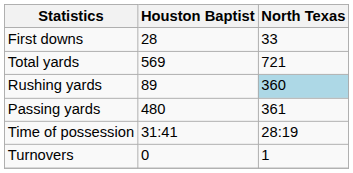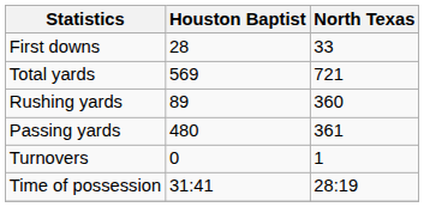 <table class="wikitable">
 <tr>
 <th>Statistics</th>
 <th>Houston Baptist</th>
 <th>North Texas</th>
 </tr>
 <tr>
 <td>First downs</td>
 <td>28</td>
 <td>33</td>
 </tr>
 <tr>
 <td>Total yards</td>
 <td>569</td>
 <td>721</td>
 </tr>
 <tr>
 <td>Rushing yards</td>
 <td>89</td>
-<td style="background: lightblue;">360</td>
+<td>360</td>
 </tr>
 <tr>
 <td>Passing yards</td>
 <td>480</td>
 <td>361</td>
 </tr>
 <tr>
+<td>Turnovers</td>
+<td>0</td>
+<td>1</td>
+</tr>
+<tr>
 <td>Time of possession</td>
 <td>31:41</td>
 <td>28:19</td>
 </tr>
 <tr>
-<td>Turnovers</td>
-<td>0</td>
-<td>1</td>
-</tr>
-<tr>
 </tr>
 </table>
